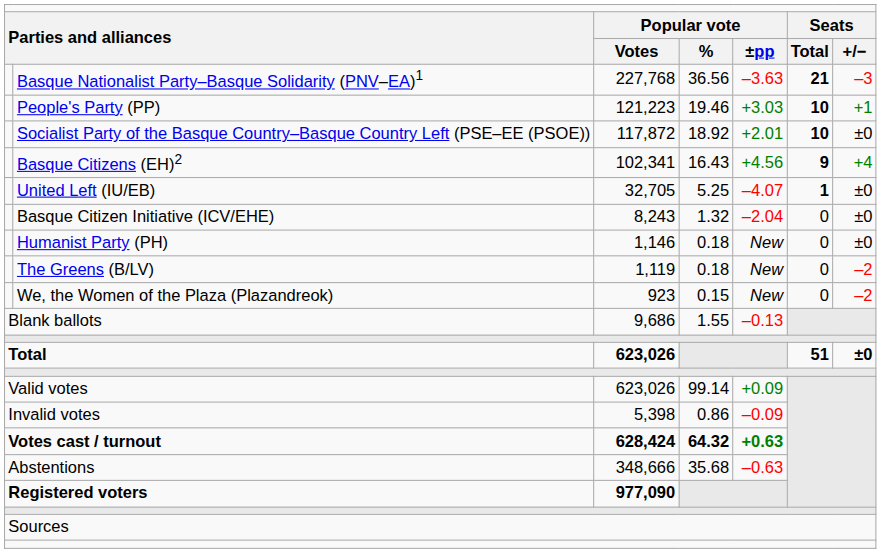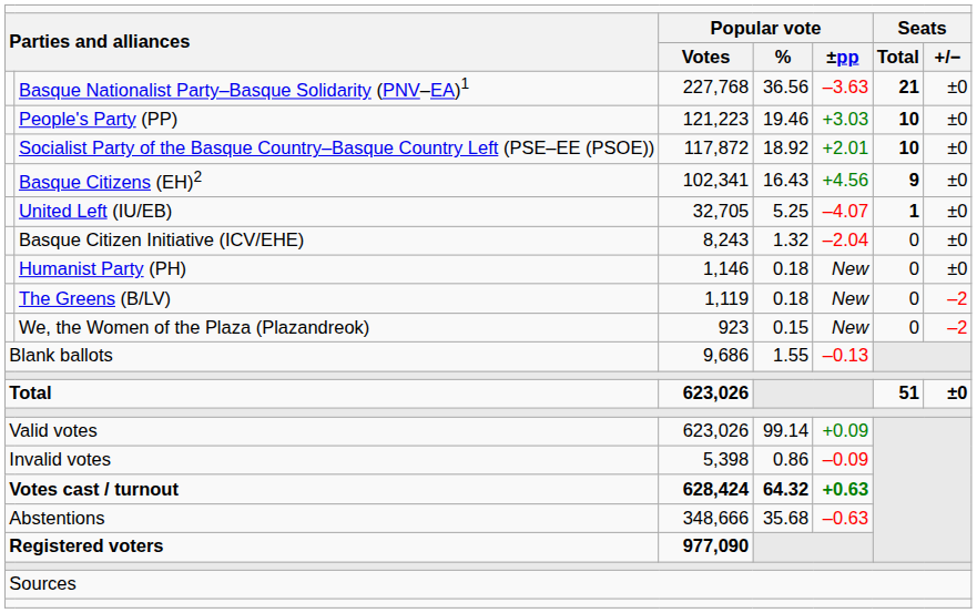 <table class="wikitable" style="text-align:right;">
 <tr>
 <td colspan="7"></td>
 </tr>
 <tr>
 <th style="text-align:left;" rowspan="2" colspan="2" width="525">Parties and alliances</th>
 <th colspan="3">Popular vote</th>
 <th colspan="2">Seats</th>
 </tr>
 <tr>
 <th width="75">Votes</th>
 <th width="45">%</th>
 <th width="45">±<a href='#'>pp</a></th>
 <th width="35">Total</th>
 <th width="35">+/−</th>
 </tr>
 <tr>
 <td width="1" style="color:inherit;background:"></td>
 <td align="left"><a href='#'>Basque Nationalist Party–Basque Solidarity</a> (<a href='#'>PNV</a>–<a href='#'>EA</a>)<sup>1</sup></td>
 <td>227,768</td>
 <td>36.56</td>
 <td style="color:red;">–3.63</td>
 <td><strong>21</strong></td>
-<td style="color:red;">–3</td>
+<td>±0</td>
 </tr>
 <tr>
 <td style="color:inherit;background:"></td>
 <td align="left"><a href='#'>People's Party</a> (PP)</td>
 <td>121,223</td>
 <td>19.46</td>
 <td style="color:green;">+3.03</td>
 <td><strong>10</strong></td>
-<td style="color:green;">+1</td>
+<td>±0</td>
 </tr>
 <tr>
 <td style="color:inherit;background:"></td>
 <td align="left"><a href='#'>Socialist Party of the Basque Country–Basque Country Left</a> (PSE–EE (PSOE))</td>
 <td>117,872</td>
 <td>18.92</td>
 <td style="color:green;">+2.01</td>
 <td><strong>10</strong></td>
 <td>±0</td>
 </tr>
 <tr>
 <td style="color:inherit;background:"></td>
 <td align="left"><a href='#'>Basque Citizens</a> (EH)<sup>2</sup></td>
 <td>102,341</td>
 <td>16.43</td>
 <td style="color:green;">+4.56</td>
 <td><strong>9</strong></td>
-<td style="color:green;">+4</td>
+<td>±0</td>
 </tr>
 <tr>
 <td style="color:inherit;background:"></td>
 <td align="left"><a href='#'>United Left</a> (IU/EB)</td>
 <td>32,705</td>
 <td>5.25</td>
 <td style="color:red;">–4.07</td>
 <td><strong>1</strong></td>
 <td>±0</td>
 </tr>
 <tr>
 <td style="color:inherit;background:"></td>
 <td align="left">Basque Citizen Initiative (ICV/EHE)</td>
 <td>8,243</td>
 <td>1.32</td>
 <td style="color:red;">–2.04</td>
 <td>0</td>
 <td>±0</td>
 </tr>
 <tr>
 <td style="color:inherit;background:"></td>
 <td align="left"><a href='#'>Humanist Party</a> (PH)</td>
 <td>1,146</td>
 <td>0.18</td>
 <td><em>New</em></td>
 <td>0</td>
 <td>±0</td>
 </tr>
 <tr>
 <td style="color:inherit;background:"></td>
 <td align="left"><a href='#'>The Greens</a> (B/LV)</td>
 <td>1,119</td>
 <td>0.18</td>
 <td><em>New</em></td>
 <td>0</td>
 <td style="color:red;">–2</td>
 </tr>
 <tr>
 <td style="color:inherit;background:"></td>
 <td align="left">We, the Women of the Plaza (Plazandreok)</td>
 <td>923</td>
 <td>0.15</td>
 <td><em>New</em></td>
 <td>0</td>
 <td style="color:red;">–2</td>
 </tr>
 <tr>
 <td align="left" colspan="2">Blank ballots</td>
 <td>9,686</td>
 <td>1.55</td>
 <td style="color:red;">–0.13</td>
 <td bgcolor="#E9E9E9" colspan="2"></td>
 </tr>
 <tr>
 <td colspan="7" bgcolor="#E9E9E9"></td>
 </tr>
 <tr style="font-weight:bold;">
 <td align="left" colspan="2">Total</td>
 <td>623,026</td>
 <td bgcolor="#E9E9E9" colspan="2"></td>
 <td>51</td>
 <td>±0</td>
 </tr>
 <tr>
 <td colspan="7" bgcolor="#E9E9E9"></td>
 </tr>
 <tr>
 <td align="left" colspan="2">Valid votes</td>
 <td>623,026</td>
 <td>99.14</td>
 <td style="color:green;">+0.09</td>
 <td bgcolor="#E9E9E9" colspan="2" rowspan="5"></td>
 </tr>
 <tr>
 <td align="left" colspan="2">Invalid votes</td>
 <td>5,398</td>
 <td>0.86</td>
 <td style="color:red;">–0.09</td>
 </tr>
 <tr style="font-weight:bold;">
 <td align="left" colspan="2">Votes cast / turnout</td>
 <td>628,424</td>
 <td>64.32</td>
 <td style="color:green;">+0.63</td>
 </tr>
 <tr>
 <td align="left" colspan="2">Abstentions</td>
 <td>348,666</td>
 <td>35.68</td>
 <td style="color:red;">–0.63</td>
 </tr>
 <tr style="font-weight:bold;">
 <td align="left" colspan="2">Registered voters</td>
 <td>977,090</td>
 <td bgcolor="#E9E9E9" colspan="2"></td>
 </tr>
 <tr>
 <td colspan="7" bgcolor="#E9E9E9"></td>
 </tr>
 <tr>
 <td align="left" colspan="7">Sources</td>
 </tr>
 <tr>
 <td colspan="7" style="text-align:left; max-width:790px;"></td>
 </tr>
 </table>
